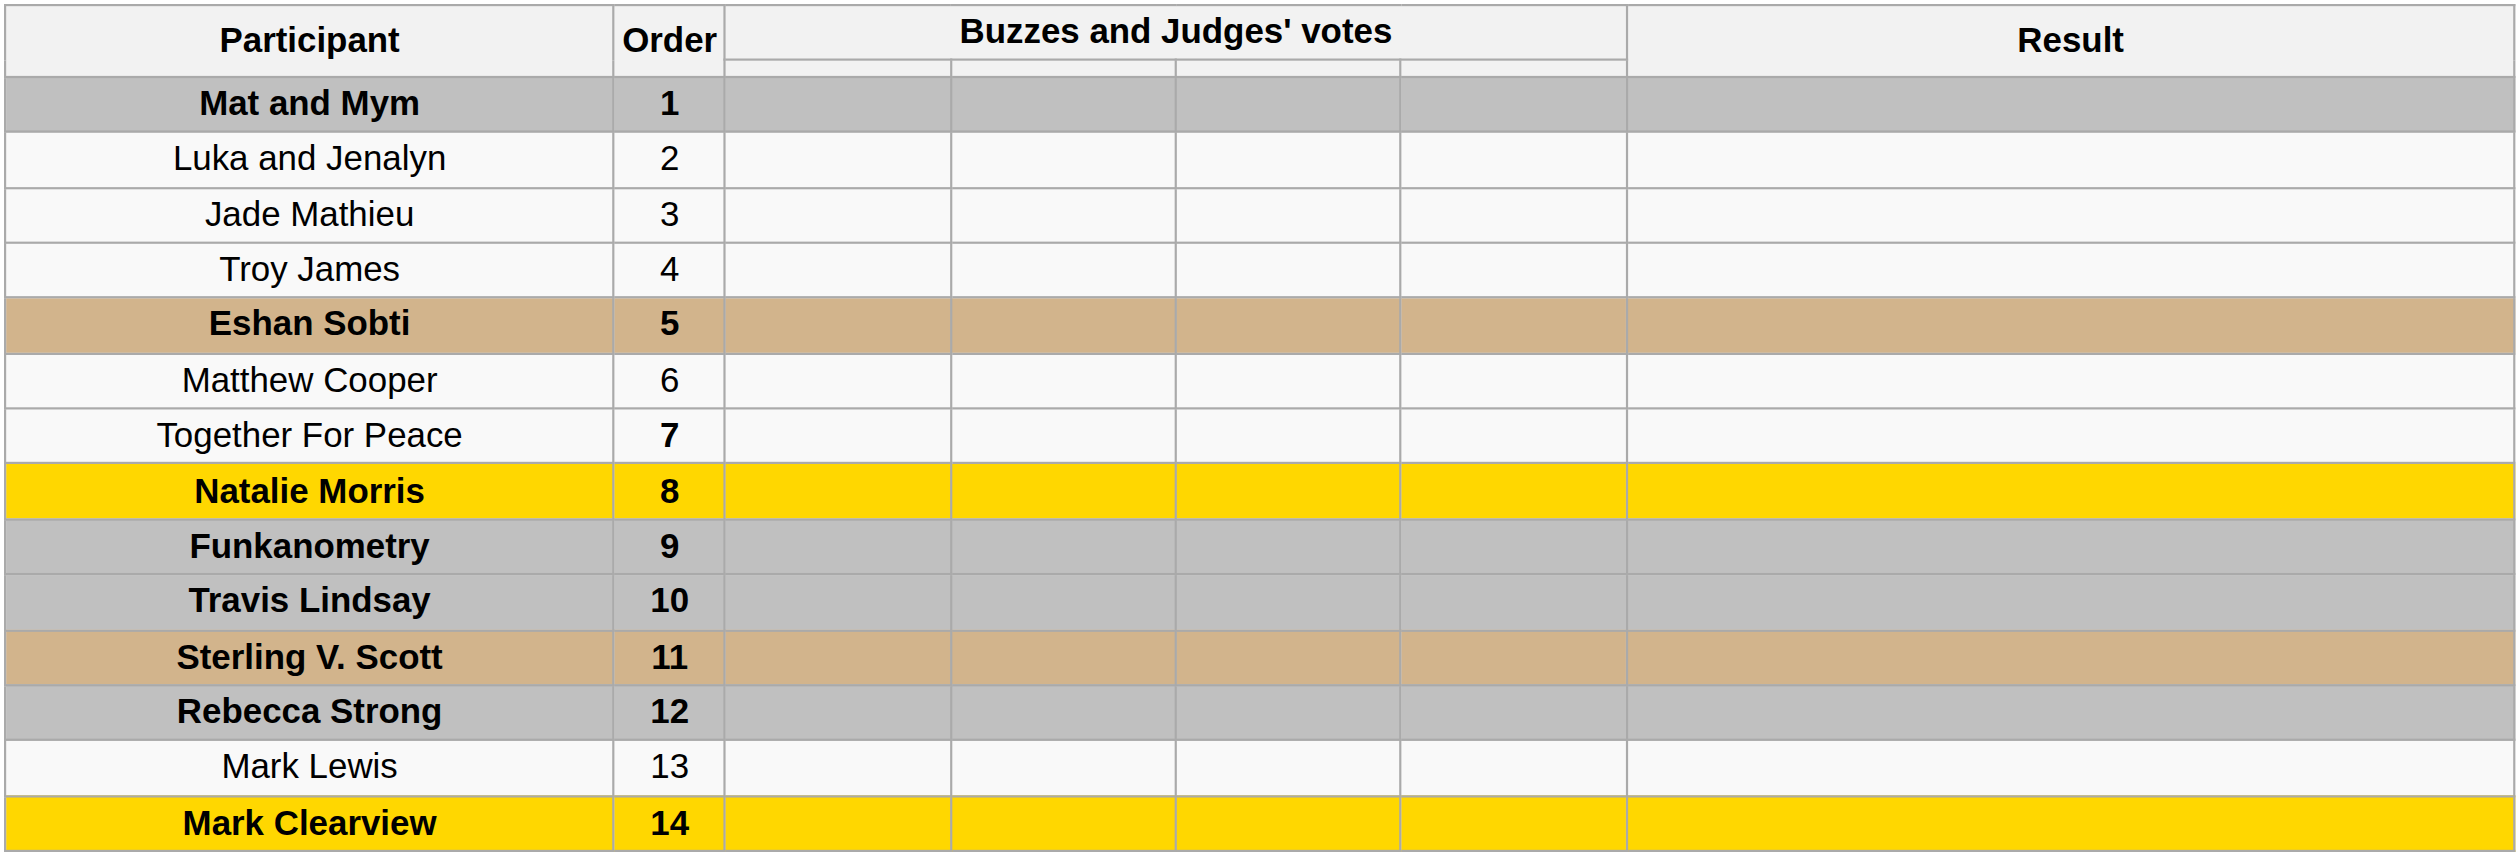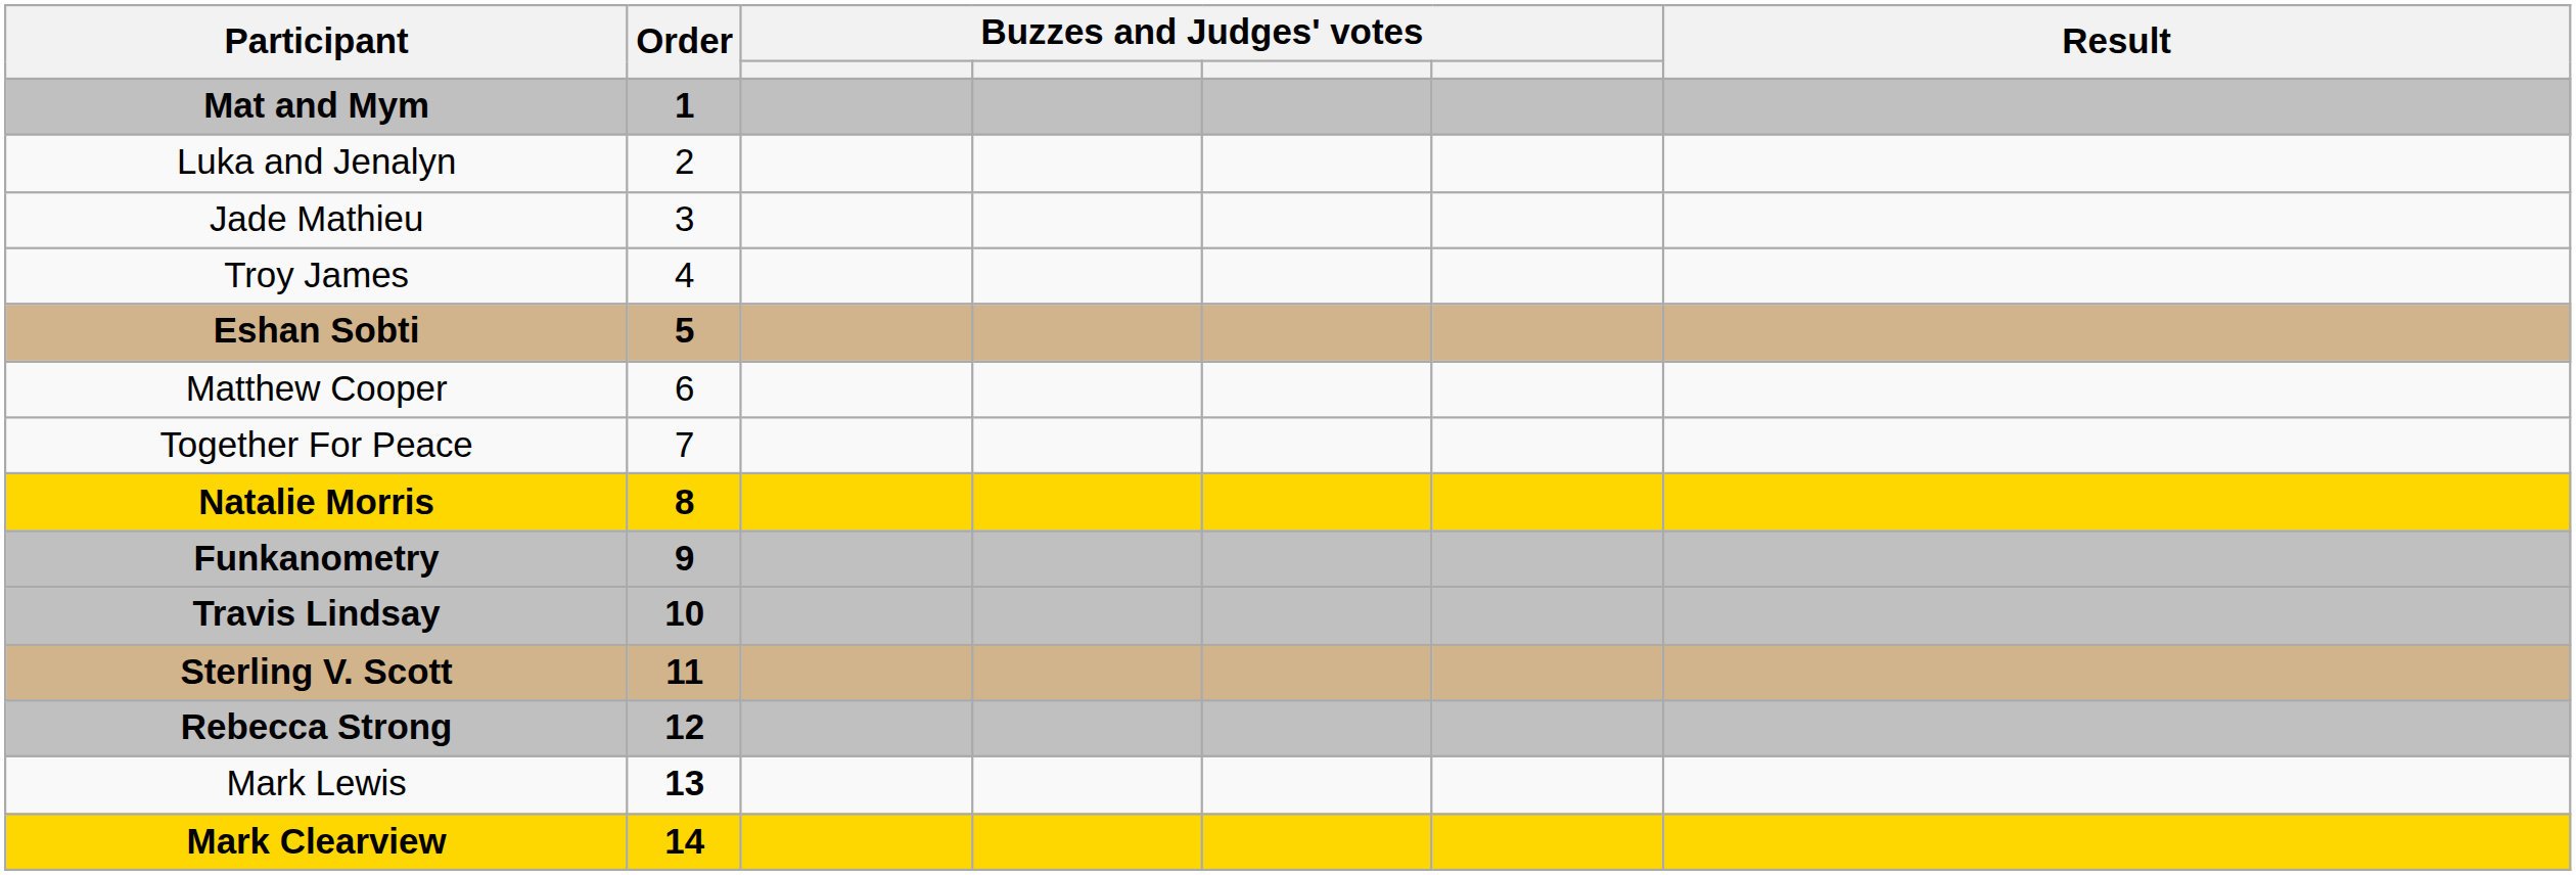 <table class="wikitable plainrowheaders sortable" style="text-align:center;">
 <tr>
 <th scope="col" rowspan="2" class="unsortable" style="width:17em;">Participant</th>
 <th scope="col" rowspan="2" style="width:1em;">Order</th>
 <th scope="col" colspan="4" class="unsortable" style="width:24em;">Buzzes and Judges' votes</th>
 <th scope="col" rowspan="2" style="width:25em;">Result</th>
 </tr>
 <tr>
 <th scope="col" class="unsortable" style="width:6em;"></th>
 <th scope="col" class="unsortable" style="width:6em;"></th>
 <th scope="col" class="unsortable" style="width:6em;"></th>
 <th scope="col" class="unsortable" style="width:6em;"></th>
 </tr>
 <tr style="background:silver;">
 <td><strong>Mat and Mym</strong></td>
 <td><strong>1</strong></td>
 <td style="text-align:center"></td>
 <td style="text-align:center"></td>
 <td style="text-align:center"></td>
 <td style="text-align:center"></td>
 <td><strong></strong></td>
 </tr>
 <tr>
 <td>Luka and Jenalyn</td>
 <td>2</td>
 <td style="text-align:center"></td>
 <td style="text-align:center"></td>
 <td style="text-align:center"></td>
 <td style="text-align:center"></td>
 <td></td>
 </tr>
 <tr>
 <td>Jade Mathieu</td>
 <td>3</td>
 <td style="text-align:center"></td>
 <td style="text-align:center"></td>
 <td style="text-align:center"></td>
 <td style="text-align:center"></td>
 <td></td>
 </tr>
 <tr>
 <td>Troy James</td>
 <td>4</td>
 <td style="text-align:center"></td>
 <td style="text-align:center"></td>
 <td style="text-align:center"></td>
 <td style="text-align:center"></td>
 <td></td>
 </tr>
 <tr style="background:tan;">
 <td><strong>Eshan Sobti</strong></td>
 <td><strong>5</strong></td>
 <td style="text-align:center"></td>
 <td style="text-align:center"></td>
 <td style="text-align:center"></td>
 <td style="text-align:center"></td>
 <td><strong></strong></td>
 </tr>
 <tr>
 <td>Matthew Cooper</td>
 <td>6</td>
 <td style="text-align:center"></td>
 <td style="text-align:center"></td>
 <td style="text-align:center"></td>
 <td style="text-align:center"></td>
 <td></td>
 </tr>
 <tr>
 <td>Together For Peace</td>
-<td><strong>7</strong></td>
+<td>7</td>
 <td style="text-align:center"></td>
 <td style="text-align:center"></td>
 <td style="text-align:center"></td>
 <td style="text-align:center"></td>
 <td></td>
 </tr>
 <tr style="background:gold;">
 <td><strong>Natalie Morris</strong></td>
 <td><strong>8</strong></td>
 <td style="text-align:center"></td>
 <td style="text-align:center"></td>
 <td style="text-align:center"></td>
 <td style="text-align:center"></td>
 <td><strong></strong></td>
 </tr>
 <tr style="background:silver;">
 <td><strong>Funkanometry</strong></td>
 <td><strong>9</strong></td>
 <td style="text-align:center"></td>
 <td style="text-align:center"></td>
 <td style="text-align:center"></td>
 <td style="text-align:center"></td>
 <td><strong></strong></td>
 </tr>
 <tr style="background:silver;">
 <td><strong>Travis Lindsay</strong></td>
 <td><strong>10</strong></td>
 <td style="text-align:center"></td>
 <td style="text-align:center"></td>
 <td style="text-align:center"></td>
 <td style="text-align:center"></td>
 <td><strong></strong></td>
 </tr>
 <tr style="background:tan;">
 <td><strong>Sterling V. Scott</strong></td>
 <td><strong>11</strong></td>
 <td style="text-align:center"></td>
 <td style="text-align:center"></td>
 <td style="text-align:center"></td>
 <td style="text-align:center"></td>
 <td><strong></strong></td>
 </tr>
 <tr style="background:silver;">
 <td><strong>Rebecca Strong</strong></td>
 <td><strong>12</strong></td>
 <td style="text-align:center"></td>
 <td style="text-align:center"></td>
 <td style="text-align:center"></td>
 <td style="text-align:center"></td>
 <td><strong></strong></td>
 </tr>
 <tr>
 <td>Mark Lewis</td>
-<td>13</td>
+<td><strong>13</strong></td>
 <td style="text-align:center"></td>
 <td style="text-align:center"></td>
 <td style="text-align:center"></td>
 <td style="text-align:center"></td>
 <td></td>
 </tr>
 <tr style="background:gold;">
 <td><strong>Mark Clearview</strong></td>
 <td><strong>14</strong></td>
 <td style="text-align:center"></td>
 <td style="text-align:center"></td>
 <td style="text-align:center"></td>
 <td style="text-align:center"></td>
 <td><strong></strong></td>
 </tr>
 </table>
